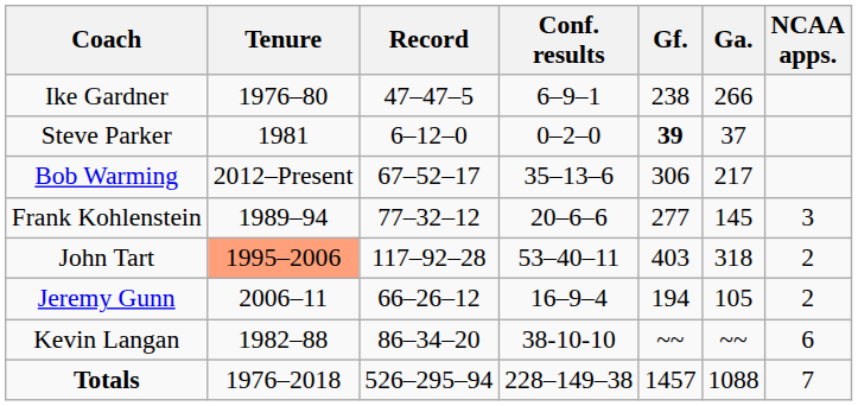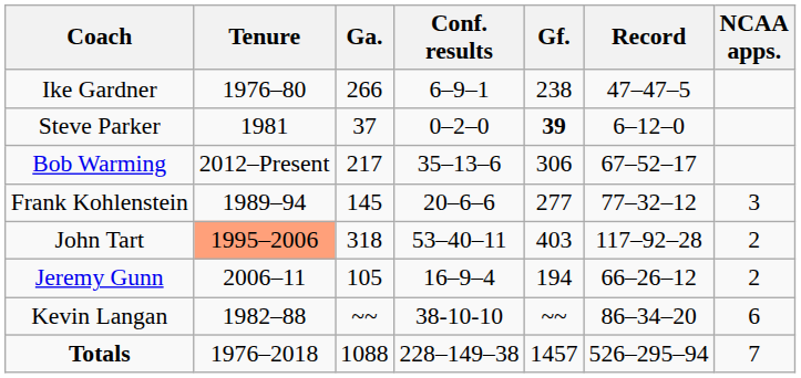 <table class="wikitable"; style= "text-align:center">
 <tr>
 <th width=px>Coach</th>
 <th width=px>Tenure</th>
-<th width=px>Record</th>
+<th width=px>Ga.</th>
 <th width=px>Conf.<br>results</th>
 <th width=px>Gf.</th>
-<th width=px>Ga.</th>
+<th width=px>Record</th>
 <th width=px>NCAA<br>apps.</th>
 </tr>
 <tr>
 <td>Ike Gardner</td>
 <td>1976–80</td>
-<td>47–47–5</td>
+<td>266</td>
 <td>6–9–1</td>
 <td>238</td>
-<td>266</td>
+<td>47–47–5</td>
 <td></td>
 </tr>
 <tr>
 <td>Steve Parker</td>
 <td>1981</td>
-<td>6–12–0</td>
+<td>37</td>
 <td>0–2–0</td>
 <td><strong>39</strong></td>
-<td>37</td>
+<td>6–12–0</td>
 <td></td>
 </tr>
 <tr>
 <td><a href='#'>Bob Warming</a></td>
 <td>2012–Present</td>
-<td>67–52–17</td>
+<td>217</td>
 <td>35–13–6</td>
 <td>306</td>
-<td>217</td>
+<td>67–52–17</td>
 <td></td>
 </tr>
 <tr>
 <td>Frank Kohlenstein</td>
 <td>1989–94</td>
-<td>77–32–12</td>
+<td>145</td>
 <td>20–6–6</td>
 <td>277</td>
-<td>145</td>
+<td>77–32–12</td>
 <td>3</td>
 </tr>
 <tr>
 <td>John Tart</td>
 <td style="background: lightsalmon;">1995–2006</td>
-<td>117–92–28</td>
+<td>318</td>
 <td>53–40–11</td>
 <td>403</td>
-<td>318</td>
+<td>117–92–28</td>
 <td>2</td>
 </tr>
 <tr>
 <td><a href='#'>Jeremy Gunn</a></td>
 <td>2006–11</td>
-<td>66–26–12</td>
+<td>105</td>
 <td>16–9–4</td>
 <td>194</td>
-<td>105</td>
+<td>66–26–12</td>
 <td>2</td>
 </tr>
 <tr>
 <td>Kevin Langan</td>
 <td>1982–88</td>
-<td>86–34–20</td>
+<td>~~</td>
 <td>38-10-10</td>
 <td>~~</td>
-<td>~~</td>
+<td>86–34–20</td>
 <td>6</td>
 </tr>
 <tr>
 <td><strong>Totals</strong></td>
 <td>1976–2018</td>
-<td>526–295–94</td>
+<td>1088</td>
 <td>228–149–38</td>
 <td>1457</td>
-<td>1088</td>
+<td>526–295–94</td>
 <td>7</td>
 </tr>
 </table>
